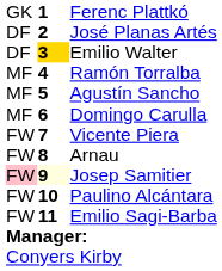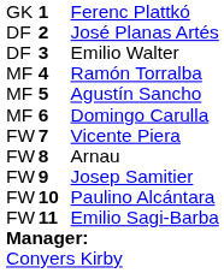 <table style="font-size:90%; margin:0.2em auto;" cellspacing="0" cellpadding="0">
 <tr>
 <th width="25"></th>
 <th width="25"></th>
 </tr>
 <tr>
 <td>GK</td>
 <td><strong>1</strong></td>
 <td> <a href='#'>Ferenc Plattkó</a></td>
 </tr>
 <tr>
 <td>DF</td>
 <td><strong>2</strong></td>
 <td> <a href='#'>José Planas Artés</a></td>
 </tr>
 <tr>
 <td>DF</td>
-<td style="background: gold;"><strong>3</strong></td>
+<td><strong>3</strong></td>
 <td> Emilio Walter</td>
 </tr>
 <tr>
 <td>MF</td>
 <td><strong>4</strong></td>
 <td> <a href='#'>Ramón Torralba</a></td>
 </tr>
 <tr>
 <td>MF</td>
 <td><strong>5</strong></td>
 <td> <a href='#'>Agustín Sancho</a></td>
 </tr>
 <tr>
 <td>MF</td>
 <td><strong>6</strong></td>
 <td> <a href='#'>Domingo Carulla</a></td>
 </tr>
 <tr>
 <td>FW</td>
 <td><strong>7</strong></td>
 <td> <a href='#'>Vicente Piera</a></td>
 </tr>
 <tr>
 <td>FW</td>
 <td><strong>8</strong></td>
 <td> Arnau</td>
 </tr>
 <tr>
-<td style="background: pink;">FW</td>
-<td style="background: lightyellow;"><strong>9</strong></td>
+<td>FW</td>
+<td><strong>9</strong></td>
 <td> <a href='#'>Josep Samitier</a></td>
 </tr>
 <tr>
 <td>FW</td>
 <td><strong>10</strong></td>
 <td> <a href='#'>Paulino Alcántara</a></td>
 </tr>
 <tr>
 <td>FW</td>
 <td><strong>11</strong></td>
 <td> <a href='#'>Emilio Sagi-Barba</a></td>
 </tr>
 <tr>
 <td colspan=3><strong>Manager:</strong></td>
 </tr>
 <tr>
 <td colspan=4> <a href='#'>Conyers Kirby</a></td>
 </tr>
 </table>
